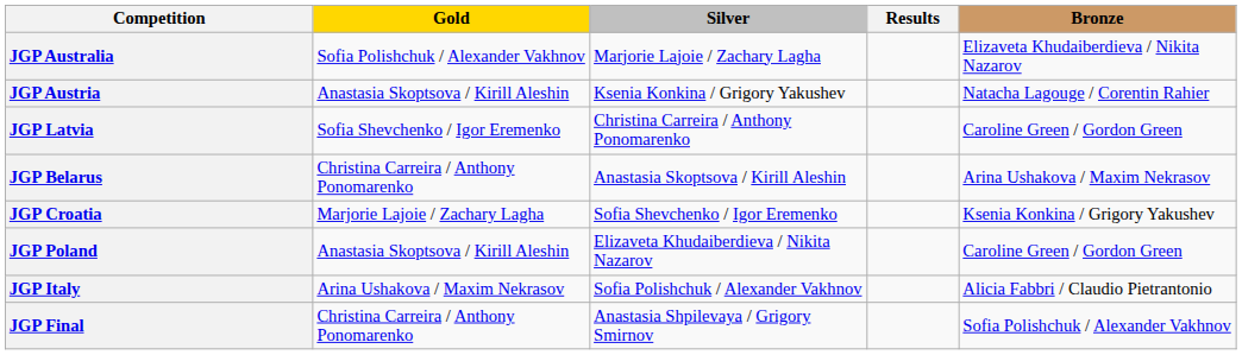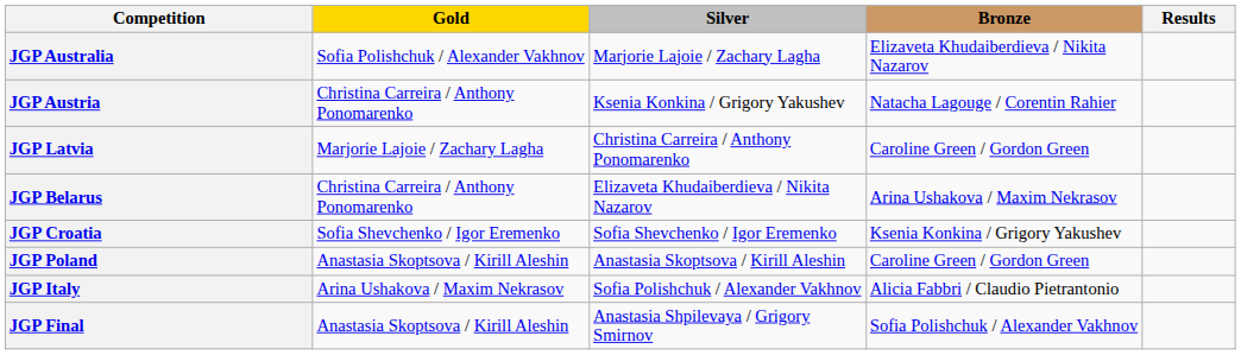 <table class="wikitable unsortable" style="text-align:left; width:90%">
 <tr>
 <th scope="col" style="text-align:center; width:25%;">Competition</th>
 <td scope="col" style="text-align:center; width:22.5%; background:gold"><strong>Gold</strong></td>
 <td scope="col" style="text-align:center; width:22.5%; background:silver"><strong>Silver</strong></td>
+<td scope="col" style="text-align:center; width:22.5%; background:#c96"><strong>Bronze</strong></td>
 <th scope="col" style="text-align:center; width:7.5%;">Results</th>
-<td scope="col" style="text-align:center; width:22.5%; background:#c96"><strong>Bronze</strong></td>
 </tr>
 <tr>
 <th scope="row" style="text-align:left"> <a href='#'>JGP Australia</a></th>
 <td> <a href='#'>Sofia Polishchuk</a> / <a href='#'>Alexander Vakhnov</a></td>
 <td> <a href='#'>Marjorie Lajoie</a> / <a href='#'>Zachary Lagha</a></td>
+<td> <a href='#'>Elizaveta Khudaiberdieva</a> / <a href='#'>Nikita Nazarov</a></td>
 <td></td>
-<td> <a href='#'>Elizaveta Khudaiberdieva</a> / <a href='#'>Nikita Nazarov</a></td>
 </tr>
 <tr>
 <th scope="row" style="text-align:left"> <a href='#'>JGP Austria</a></th>
-<td> <a href='#'>Anastasia Skoptsova</a> / <a href='#'>Kirill Aleshin</a></td>
+<td> <a href='#'>Christina Carreira</a> / <a href='#'>Anthony Ponomarenko</a></td>
 <td> <a href='#'>Ksenia Konkina</a> / Grigory Yakushev</td>
+<td> <a href='#'>Natacha Lagouge</a> / <a href='#'>Corentin Rahier</a></td>
 <td></td>
-<td> <a href='#'>Natacha Lagouge</a> / <a href='#'>Corentin Rahier</a></td>
 </tr>
 <tr>
 <th scope="row" style="text-align:left"> <a href='#'>JGP Latvia</a></th>
-<td> <a href='#'>Sofia Shevchenko</a> / <a href='#'>Igor Eremenko</a></td>
+<td> <a href='#'>Marjorie Lajoie</a> / <a href='#'>Zachary Lagha</a></td>
 <td> <a href='#'>Christina Carreira</a> / <a href='#'>Anthony Ponomarenko</a></td>
+<td> <a href='#'>Caroline Green</a> / <a href='#'>Gordon Green</a></td>
 <td></td>
-<td> <a href='#'>Caroline Green</a> / <a href='#'>Gordon Green</a></td>
 </tr>
 <tr>
 <th scope="row" style="text-align:left"> <a href='#'>JGP Belarus</a></th>
 <td> <a href='#'>Christina Carreira</a> / <a href='#'>Anthony Ponomarenko</a></td>
-<td> <a href='#'>Anastasia Skoptsova</a> / <a href='#'>Kirill Aleshin</a></td>
+<td> <a href='#'>Elizaveta Khudaiberdieva</a> / <a href='#'>Nikita Nazarov</a></td>
+<td> <a href='#'>Arina Ushakova</a> / <a href='#'>Maxim Nekrasov</a></td>
 <td></td>
-<td> <a href='#'>Arina Ushakova</a> / <a href='#'>Maxim Nekrasov</a></td>
 </tr>
 <tr>
 <th scope="row" style="text-align:left"> <a href='#'>JGP Croatia</a></th>
-<td> <a href='#'>Marjorie Lajoie</a> / <a href='#'>Zachary Lagha</a></td>
 <td> <a href='#'>Sofia Shevchenko</a> / <a href='#'>Igor Eremenko</a></td>
+<td> <a href='#'>Sofia Shevchenko</a> / <a href='#'>Igor Eremenko</a></td>
+<td> <a href='#'>Ksenia Konkina</a> / Grigory Yakushev</td>
 <td></td>
-<td> <a href='#'>Ksenia Konkina</a> / Grigory Yakushev</td>
 </tr>
 <tr>
 <th scope="row" style="text-align:left"> <a href='#'>JGP Poland</a></th>
 <td> <a href='#'>Anastasia Skoptsova</a> / <a href='#'>Kirill Aleshin</a></td>
-<td> <a href='#'>Elizaveta Khudaiberdieva</a> / <a href='#'>Nikita Nazarov</a></td>
+<td> <a href='#'>Anastasia Skoptsova</a> / <a href='#'>Kirill Aleshin</a></td>
+<td> <a href='#'>Caroline Green</a> / <a href='#'>Gordon Green</a></td>
 <td></td>
-<td> <a href='#'>Caroline Green</a> / <a href='#'>Gordon Green</a></td>
 </tr>
 <tr>
 <th scope="row" style="text-align:left"> <a href='#'>JGP Italy</a></th>
 <td> <a href='#'>Arina Ushakova</a> / <a href='#'>Maxim Nekrasov</a></td>
 <td> <a href='#'>Sofia Polishchuk</a> / <a href='#'>Alexander Vakhnov</a></td>
+<td> <a href='#'>Alicia Fabbri</a> / Claudio Pietrantonio</td>
 <td></td>
-<td> <a href='#'>Alicia Fabbri</a> / Claudio Pietrantonio</td>
 </tr>
 <tr>
 <th scope="row" style="text-align:left"> <a href='#'>JGP Final</a></th>
-<td> <a href='#'>Christina Carreira</a> / <a href='#'>Anthony Ponomarenko</a></td>
+<td> <a href='#'>Anastasia Skoptsova</a> / <a href='#'>Kirill Aleshin</a></td>
 <td> <a href='#'>Anastasia Shpilevaya</a> / <a href='#'>Grigory Smirnov</a></td>
+<td> <a href='#'>Sofia Polishchuk</a> / <a href='#'>Alexander Vakhnov</a></td>
 <td></td>
-<td> <a href='#'>Sofia Polishchuk</a> / <a href='#'>Alexander Vakhnov</a></td>
 </tr>
 </table>
